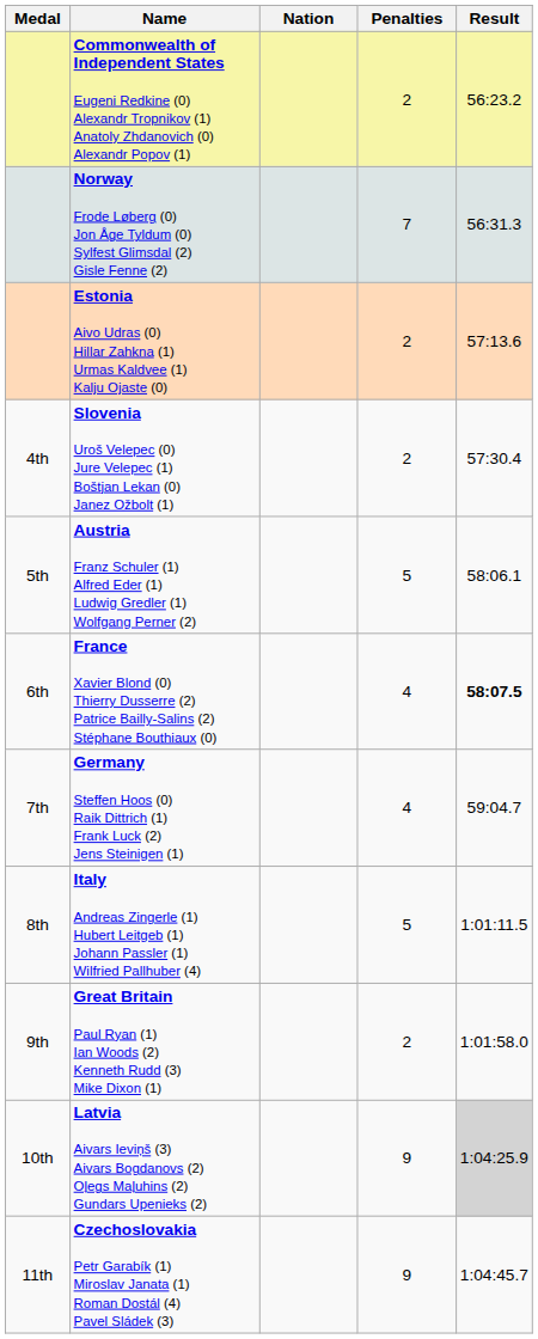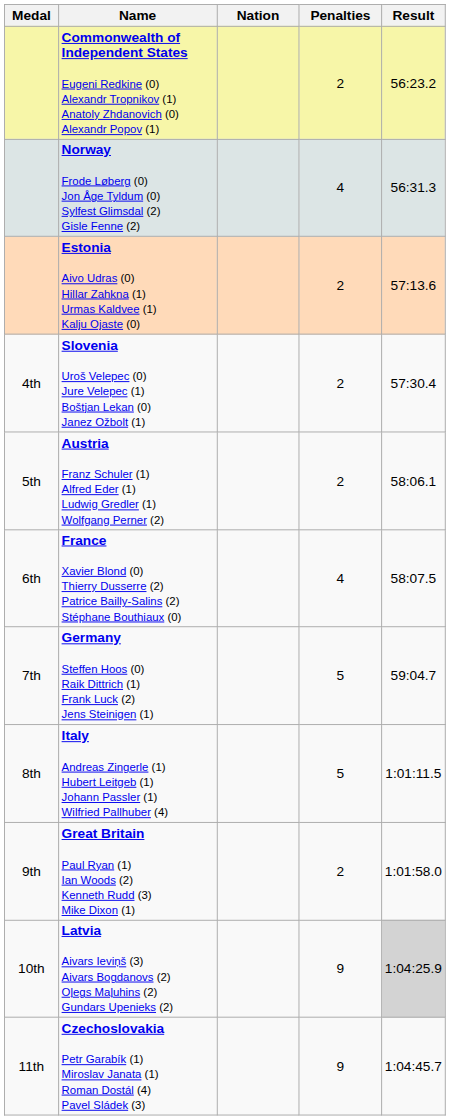 <table class=wikitable style="border:1px solid #AAAAAA;font-size:90%">
 <tr bgcolor="#E4E4E4">
 <th style="border-bottom:1px solid #AAAAAA" width=50>Medal</th>
 <th style="border-bottom:1px solid #AAAAAA" width=160>Name</th>
 <th style="border-bottom:1px solid #AAAAAA" width=80>Nation</th>
 <th style="border-bottom:1px solid #AAAAAA" width=80>Penalties</th>
 <th style="border-bottom:1px solid #AAAAAA" width=60>Result</th>
 </tr>
 <tr bgcolor="#F7F6A8">
 <td align="center"></td>
 <td><strong><a href='#'>Commonwealth of Independent States</a></strong><br><br><small><a href='#'>Eugeni Redkine</a> (0)<br><a href='#'>Alexandr Tropnikov</a> (1)<br><a href='#'>Anatoly Zhdanovich</a> (0)<br><a href='#'>Alexandr Popov</a> (1)</small></td>
 <td></td>
 <td align="center">2</td>
 <td align="center">56:23.2</td>
 </tr>
 <tr bgcolor="#DCE5E5">
 <td align="center"></td>
 <td><strong><a href='#'>Norway</a></strong><br><br><small><a href='#'>Frode Løberg</a> (0)<br><a href='#'>Jon Åge Tyldum</a> (0)<br><a href='#'>Sylfest Glimsdal</a> (2)<br><a href='#'>Gisle Fenne</a> (2)</small></td>
 <td></td>
-<td align="center">7</td>
+<td align="center">4</td>
 <td align="center">56:31.3</td>
 </tr>
 <tr bgcolor="#FFDAB9">
 <td align="center"></td>
 <td><strong><a href='#'>Estonia</a></strong><br><br><small><a href='#'>Aivo Udras</a> (0)<br><a href='#'>Hillar Zahkna</a> (1)<br><a href='#'>Urmas Kaldvee</a> (1)<br><a href='#'>Kalju Ojaste</a> (0)</small></td>
 <td></td>
 <td align="center">2</td>
 <td align="center">57:13.6</td>
 </tr>
 <tr>
 <td align="center">4th</td>
 <td><strong><a href='#'>Slovenia</a></strong><br><br><small><a href='#'>Uroš Velepec</a> (0)<br><a href='#'>Jure Velepec</a> (1)<br><a href='#'>Boštjan Lekan</a> (0)<br><a href='#'>Janez Ožbolt</a> (1)</small></td>
 <td></td>
 <td align="center">2</td>
 <td align="center">57:30.4</td>
 </tr>
 <tr>
 <td align="center">5th</td>
 <td><strong><a href='#'>Austria</a></strong><br><br><small><a href='#'>Franz Schuler</a> (1)<br><a href='#'>Alfred Eder</a> (1)<br><a href='#'>Ludwig Gredler</a> (1)<br><a href='#'>Wolfgang Perner</a> (2)</small></td>
 <td></td>
-<td align="center">5</td>
+<td align="center">2</td>
 <td align="center">58:06.1</td>
 </tr>
 <tr>
 <td align="center">6th</td>
 <td><strong><a href='#'>France</a></strong><br><br><small><a href='#'>Xavier Blond</a> (0)<br><a href='#'>Thierry Dusserre</a> (2)<br><a href='#'>Patrice Bailly-Salins</a> (2)<br><a href='#'>Stéphane Bouthiaux</a> (0)</small></td>
 <td></td>
 <td align="center">4</td>
-<td align="center"><strong>58:07.5</strong></td>
+<td align="center">58:07.5</td>
 </tr>
 <tr>
 <td align="center">7th</td>
 <td><strong><a href='#'>Germany</a></strong><br><br><small><a href='#'>Steffen Hoos</a> (0)<br><a href='#'>Raik Dittrich</a> (1)<br><a href='#'>Frank Luck</a> (2)<br><a href='#'>Jens Steinigen</a> (1)</small></td>
 <td></td>
-<td align="center">4</td>
+<td align="center">5</td>
 <td align="center">59:04.7</td>
 </tr>
 <tr>
 <td align="center">8th</td>
 <td><strong><a href='#'>Italy</a></strong><br><br><small><a href='#'>Andreas Zingerle</a> (1)<br><a href='#'>Hubert Leitgeb</a> (1)<br><a href='#'>Johann Passler</a> (1)<br><a href='#'>Wilfried Pallhuber</a> (4)</small></td>
 <td></td>
 <td align="center">5</td>
 <td align="center">1:01:11.5</td>
 </tr>
 <tr>
 <td align="center">9th</td>
 <td><strong><a href='#'>Great Britain</a></strong><br><br><small><a href='#'>Paul Ryan</a> (1)<br><a href='#'>Ian Woods</a> (2)<br><a href='#'>Kenneth Rudd</a> (3)<br><a href='#'>Mike Dixon</a> (1)</small></td>
 <td></td>
 <td align="center">2</td>
 <td align="center">1:01:58.0</td>
 </tr>
 <tr>
 <td align="center">10th</td>
 <td><strong><a href='#'>Latvia</a></strong><br><br><small><a href='#'>Aivars Ieviņš</a> (3)<br><a href='#'>Aivars Bogdanovs</a> (2)<br><a href='#'>Oļegs Maļuhins</a> (2)<br><a href='#'>Gundars Upenieks</a> (2)</small></td>
 <td></td>
 <td align="center">9</td>
 <td align="center" style="background: lightgrey;">1:04:25.9</td>
 </tr>
 <tr>
 <td align="center">11th</td>
 <td><strong><a href='#'>Czechoslovakia</a></strong><br><br><small><a href='#'>Petr Garabík</a> (1)<br><a href='#'>Miroslav Janata</a> (1)<br><a href='#'>Roman Dostál</a> (4)<br><a href='#'>Pavel Sládek</a> (3)</small></td>
 <td></td>
 <td align="center">9</td>
 <td align="center">1:04:45.7</td>
 </tr>
 </table>
